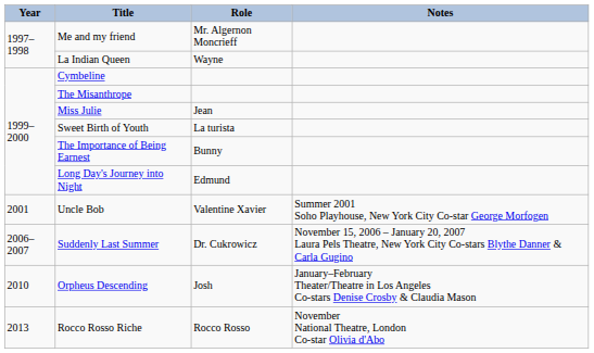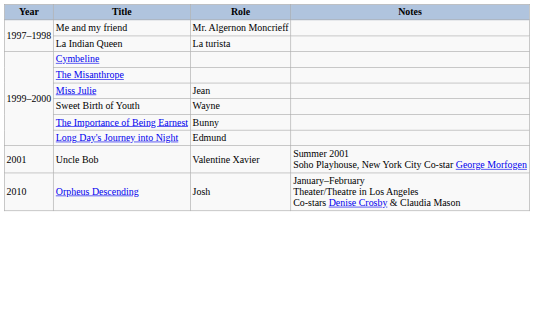 <table class="wikitable">
 <tr>
 <th style="background-color: #B0C4DE;">Year</th>
 <th style="background-color: #B0C4DE;">Title</th>
 <th style="background-color: #B0C4DE;">Role</th>
 <th style="background-color: #B0C4DE;">Notes</th>
 </tr>
 <tr>
 <td rowspan="2">1997–1998</td>
 <td>Me and my friend</td>
 <td>Mr. Algernon Moncrieff</td>
 <td></td>
 </tr>
 <tr>
 <td>La Indian Queen</td>
-<td>Wayne</td>
+<td>La turista</td>
 <td></td>
 </tr>
 <tr>
 <td rowspan="6">1999–2000</td>
 <td><a href='#'>Cymbeline</a></td>
 <td></td>
 <td></td>
 </tr>
 <tr>
 <td><a href='#'>The Misanthrope</a></td>
 <td></td>
 <td></td>
 </tr>
 <tr>
 <td><a href='#'>Miss Julie</a></td>
 <td>Jean</td>
 <td></td>
 </tr>
 <tr>
 <td>Sweet Birth of Youth</td>
-<td>La turista</td>
+<td>Wayne</td>
 <td></td>
 </tr>
 <tr>
 <td><a href='#'>The Importance of Being Earnest</a></td>
 <td>Bunny</td>
 <td></td>
 </tr>
 <tr>
 <td><a href='#'>Long Day's Journey into Night</a></td>
 <td>Edmund</td>
 <td></td>
 </tr>
 <tr>
 <td>2001</td>
 <td>Uncle Bob</td>
 <td>Valentine Xavier</td>
 <td>Summer 2001<br>Soho Playhouse, New York City Co-star <a href='#'>George Morfogen</a></td>
 </tr>
 <tr>
-<td>2006–2007</td>
-<td><a href='#'>Suddenly Last Summer</a></td>
-<td>Dr. Cukrowicz</td>
-<td>November 15, 2006 – January 20, 2007<br>Laura Pels Theatre, New York City  Co-stars <a href='#'>Blythe Danner</a> & <a href='#'>Carla Gugino</a></td>
-</tr>
-<tr>
 <td>2010</td>
 <td><a href='#'>Orpheus Descending</a></td>
 <td>Josh</td>
 <td>January–February <br>Theater/Theatre in Los Angeles<br>Co-stars <a href='#'>Denise Crosby</a> & Claudia Mason</td>
 </tr>
-<tr>
-<td>2013</td>
-<td>Rocco Rosso Riche</td>
-<td>Rocco Rosso</td>
-<td>November<br>National Theatre, London<br>Co-star <a href='#'>Olivia d'Abo</a></td>
-</tr>
 </table>
